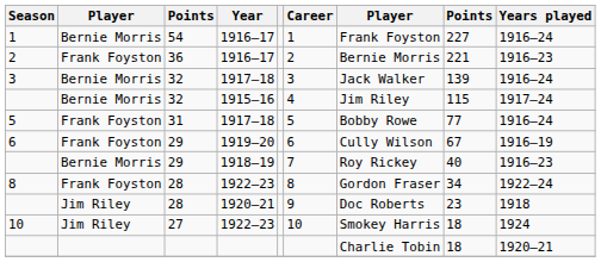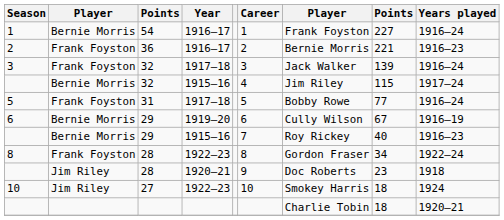 <table class="wikitable">
 <tr>
 <th>Season</th>
 <th>Player</th>
 <th>Points</th>
 <th>Year</th>
 <th></th>
 <th>Career</th>
 <th>Player</th>
 <th>Points</th>
 <th>Years played</th>
 </tr>
 <tr>
 <td>1</td>
 <td>Bernie Morris</td>
 <td>54</td>
 <td>1916–17</td>
 <td></td>
 <td>1</td>
 <td>Frank Foyston</td>
 <td>227</td>
 <td>1916–24</td>
 </tr>
 <tr>
 <td>2</td>
 <td>Frank Foyston</td>
 <td>36</td>
 <td>1916–17</td>
 <td></td>
 <td>2</td>
 <td>Bernie Morris</td>
 <td>221</td>
 <td>1916–23</td>
 </tr>
 <tr>
 <td>3</td>
-<td>Bernie Morris</td>
+<td>Frank Foyston</td>
 <td>32</td>
 <td>1917–18</td>
 <td></td>
 <td>3</td>
 <td>Jack Walker</td>
 <td>139</td>
 <td>1916–24</td>
 </tr>
 <tr>
 <td></td>
 <td>Bernie Morris</td>
 <td>32</td>
 <td>1915–16</td>
 <td></td>
 <td>4</td>
 <td>Jim Riley</td>
 <td>115</td>
 <td>1917–24</td>
 </tr>
 <tr>
 <td>5</td>
 <td>Frank Foyston</td>
 <td>31</td>
 <td>1917–18</td>
 <td></td>
 <td>5</td>
 <td>Bobby Rowe</td>
 <td>77</td>
 <td>1916–24</td>
 </tr>
 <tr>
 <td>6</td>
-<td>Frank Foyston</td>
+<td>Bernie Morris</td>
 <td>29</td>
 <td>1919–20</td>
 <td></td>
 <td>6</td>
 <td>Cully Wilson</td>
 <td>67</td>
 <td>1916–19</td>
 </tr>
 <tr>
 <td></td>
 <td>Bernie Morris</td>
 <td>29</td>
-<td>1918–19</td>
+<td>1915–16</td>
 <td></td>
 <td>7</td>
 <td>Roy Rickey</td>
 <td>40</td>
 <td>1916–23</td>
 </tr>
 <tr>
 <td>8</td>
 <td>Frank Foyston</td>
 <td>28</td>
 <td>1922–23</td>
 <td></td>
 <td>8</td>
 <td>Gordon Fraser</td>
 <td>34</td>
 <td>1922–24</td>
 </tr>
 <tr>
 <td></td>
 <td>Jim Riley</td>
 <td>28</td>
 <td>1920–21</td>
 <td></td>
 <td>9</td>
 <td>Doc Roberts</td>
 <td>23</td>
 <td>1918</td>
 </tr>
 <tr>
 <td>10</td>
 <td>Jim Riley</td>
 <td>27</td>
 <td>1922–23</td>
 <td></td>
 <td>10</td>
 <td>Smokey Harris</td>
 <td>18</td>
 <td>1924</td>
 </tr>
 <tr>
 <td></td>
 <td></td>
 <td></td>
 <td></td>
 <td></td>
 <td></td>
 <td>Charlie Tobin</td>
 <td>18</td>
 <td>1920–21</td>
 </tr>
 <tr>
 </tr>
 </table>
